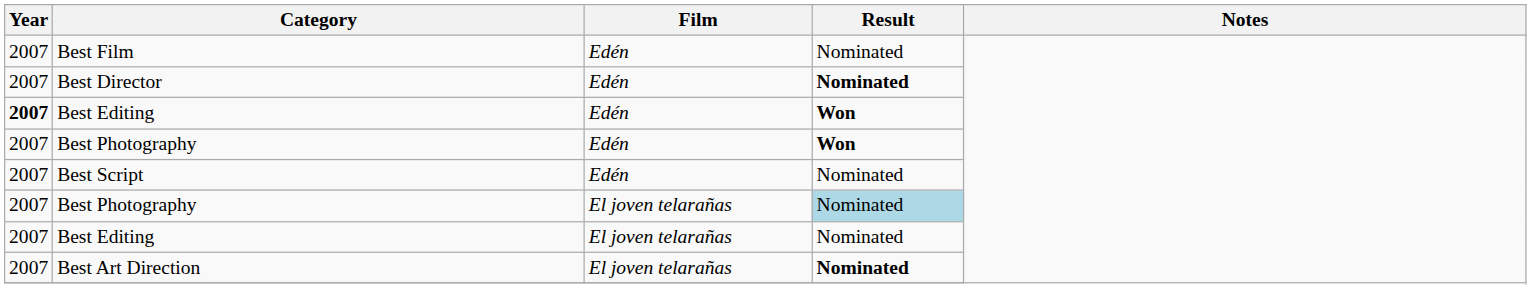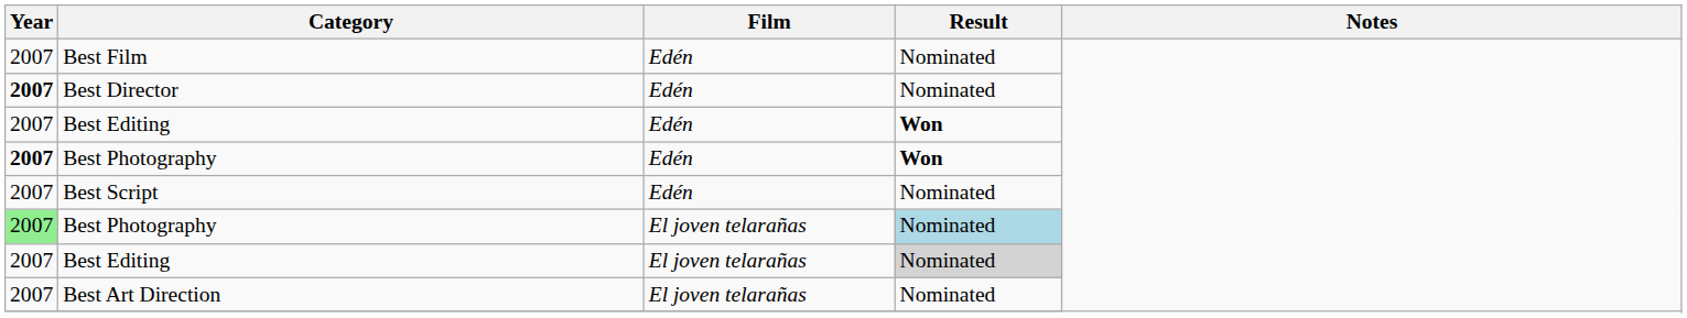 <table class="wikitable">
 <tr>
 <th width="3%">Year</th>
 <th width="35%">Category</th>
 <th width="15%">Film</th>
 <th width="10%">Result</th>
 <th width="37%">Notes</th>
 </tr>
 <tr>
 <td>2007</td>
 <td>Best Film</td>
 <td><em>Edén</em></td>
 <td>Nominated</td>
 </tr>
 <tr>
-<td>2007</td>
+<td><strong>2007</strong></td>
 <td>Best Director</td>
 <td><em>Edén</em></td>
-<td><strong>Nominated</strong></td>
+<td>Nominated</td>
 </tr>
 <tr>
-<td><strong>2007</strong></td>
+<td>2007</td>
 <td>Best Editing</td>
 <td><em>Edén</em></td>
 <td><strong>Won</strong></td>
 </tr>
 <tr>
-<td>2007</td>
+<td><strong>2007</strong></td>
 <td>Best Photography</td>
 <td><em>Edén</em></td>
 <td><strong>Won</strong></td>
 </tr>
 <tr>
 <td>2007</td>
 <td>Best Script</td>
 <td><em>Edén</em></td>
 <td>Nominated</td>
 </tr>
 <tr>
-<td>2007</td>
+<td style="background: lightgreen;">2007</td>
 <td>Best Photography</td>
 <td><em>El joven telarañas</em></td>
 <td style="background: lightblue;">Nominated</td>
 </tr>
 <tr>
 <td>2007</td>
 <td>Best Editing</td>
 <td><em>El joven telarañas</em></td>
-<td>Nominated</td>
+<td style="background: lightgrey;">Nominated</td>
 </tr>
 <tr>
 <td>2007</td>
 <td>Best Art Direction</td>
 <td><em>El joven telarañas</em></td>
-<td><strong>Nominated</strong></td>
+<td>Nominated</td>
 </tr>
 <tr>
 </tr>
 </table>
